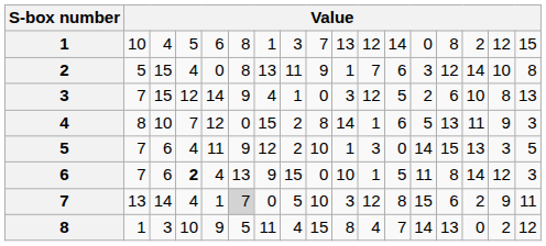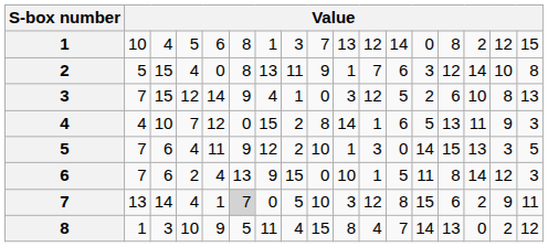 <table class="wikitable" style="text-align: right">
 <tr>
 <th>S-box number</th>
 <th colspan=16>Value</th>
 </tr>
 <tr>
 <th>1</th>
 <td>10</td>
 <td>4</td>
 <td>5</td>
 <td>6</td>
 <td>8</td>
 <td>1</td>
 <td>3</td>
 <td>7</td>
 <td>13</td>
 <td>12</td>
 <td>14</td>
 <td>0</td>
 <td>8</td>
 <td>2</td>
 <td>12</td>
 <td>15</td>
 </tr>
 <tr>
 <th>2</th>
 <td>5</td>
 <td>15</td>
 <td>4</td>
 <td>0</td>
 <td>8</td>
 <td>13</td>
 <td>11</td>
 <td>9</td>
 <td>1</td>
 <td>7</td>
 <td>6</td>
 <td>3</td>
 <td>12</td>
 <td>14</td>
 <td>10</td>
 <td>8</td>
 </tr>
 <tr>
 <th>3</th>
 <td>7</td>
 <td>15</td>
 <td>12</td>
 <td>14</td>
 <td>9</td>
 <td>4</td>
 <td>1</td>
 <td>0</td>
 <td>3</td>
 <td>12</td>
 <td>5</td>
 <td>2</td>
 <td>6</td>
 <td>10</td>
 <td>8</td>
 <td>13</td>
 </tr>
 <tr>
 <th>4</th>
-<td>8</td>
+<td>4</td>
 <td>10</td>
 <td>7</td>
 <td>12</td>
 <td>0</td>
 <td>15</td>
 <td>2</td>
 <td>8</td>
 <td>14</td>
 <td>1</td>
 <td>6</td>
 <td>5</td>
 <td>13</td>
 <td>11</td>
 <td>9</td>
 <td>3</td>
 </tr>
 <tr>
 <th>5</th>
 <td>7</td>
 <td>6</td>
 <td>4</td>
 <td>11</td>
 <td>9</td>
 <td>12</td>
 <td>2</td>
 <td>10</td>
 <td>1</td>
 <td>3</td>
 <td>0</td>
 <td>14</td>
 <td>15</td>
 <td>13</td>
 <td>3</td>
 <td>5</td>
 </tr>
 <tr>
 <th>6</th>
 <td>7</td>
 <td>6</td>
-<td><strong>2</strong></td>
+<td>2</td>
 <td>4</td>
 <td>13</td>
 <td>9</td>
 <td>15</td>
 <td>0</td>
 <td>10</td>
 <td>1</td>
 <td>5</td>
 <td>11</td>
 <td>8</td>
 <td>14</td>
 <td>12</td>
 <td>3</td>
 </tr>
 <tr>
 <th>7</th>
 <td>13</td>
 <td>14</td>
 <td>4</td>
 <td>1</td>
 <td style="background: lightgrey;">7</td>
 <td>0</td>
 <td>5</td>
 <td>10</td>
 <td>3</td>
 <td>12</td>
 <td>8</td>
 <td>15</td>
 <td>6</td>
 <td>2</td>
 <td>9</td>
 <td>11</td>
 </tr>
 <tr>
 <th>8</th>
 <td>1</td>
 <td>3</td>
 <td>10</td>
 <td>9</td>
 <td>5</td>
 <td>11</td>
 <td>4</td>
 <td>15</td>
 <td>8</td>
 <td>4</td>
 <td>7</td>
 <td>14</td>
 <td>13</td>
 <td>0</td>
 <td>2</td>
 <td>12</td>
 </tr>
 </table>
